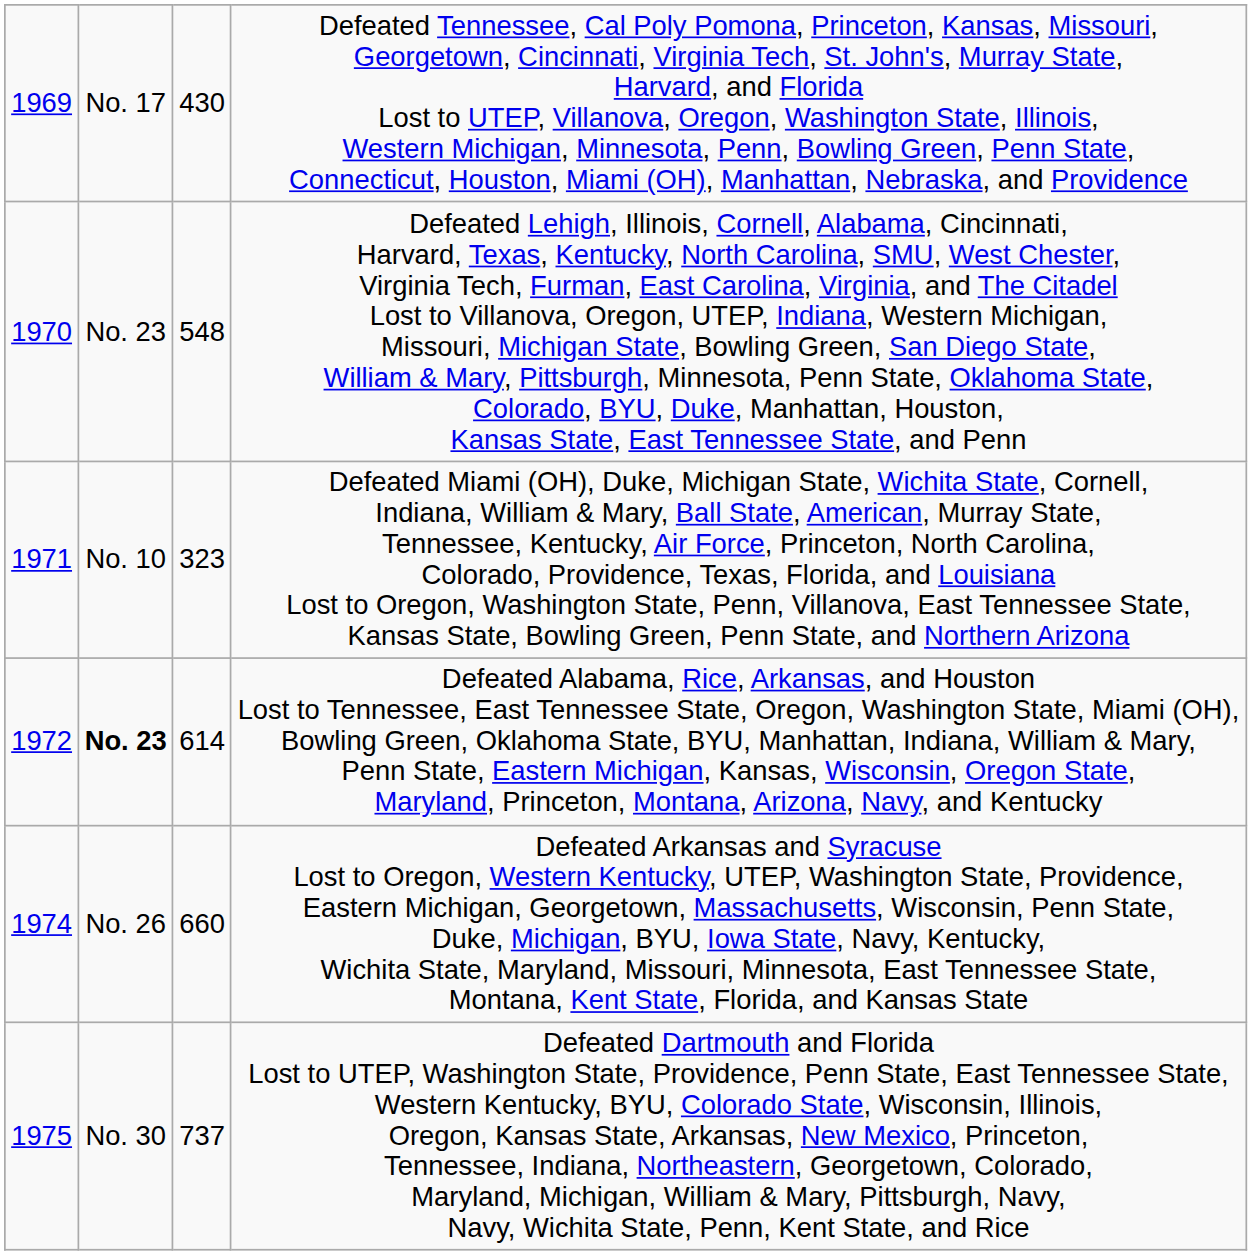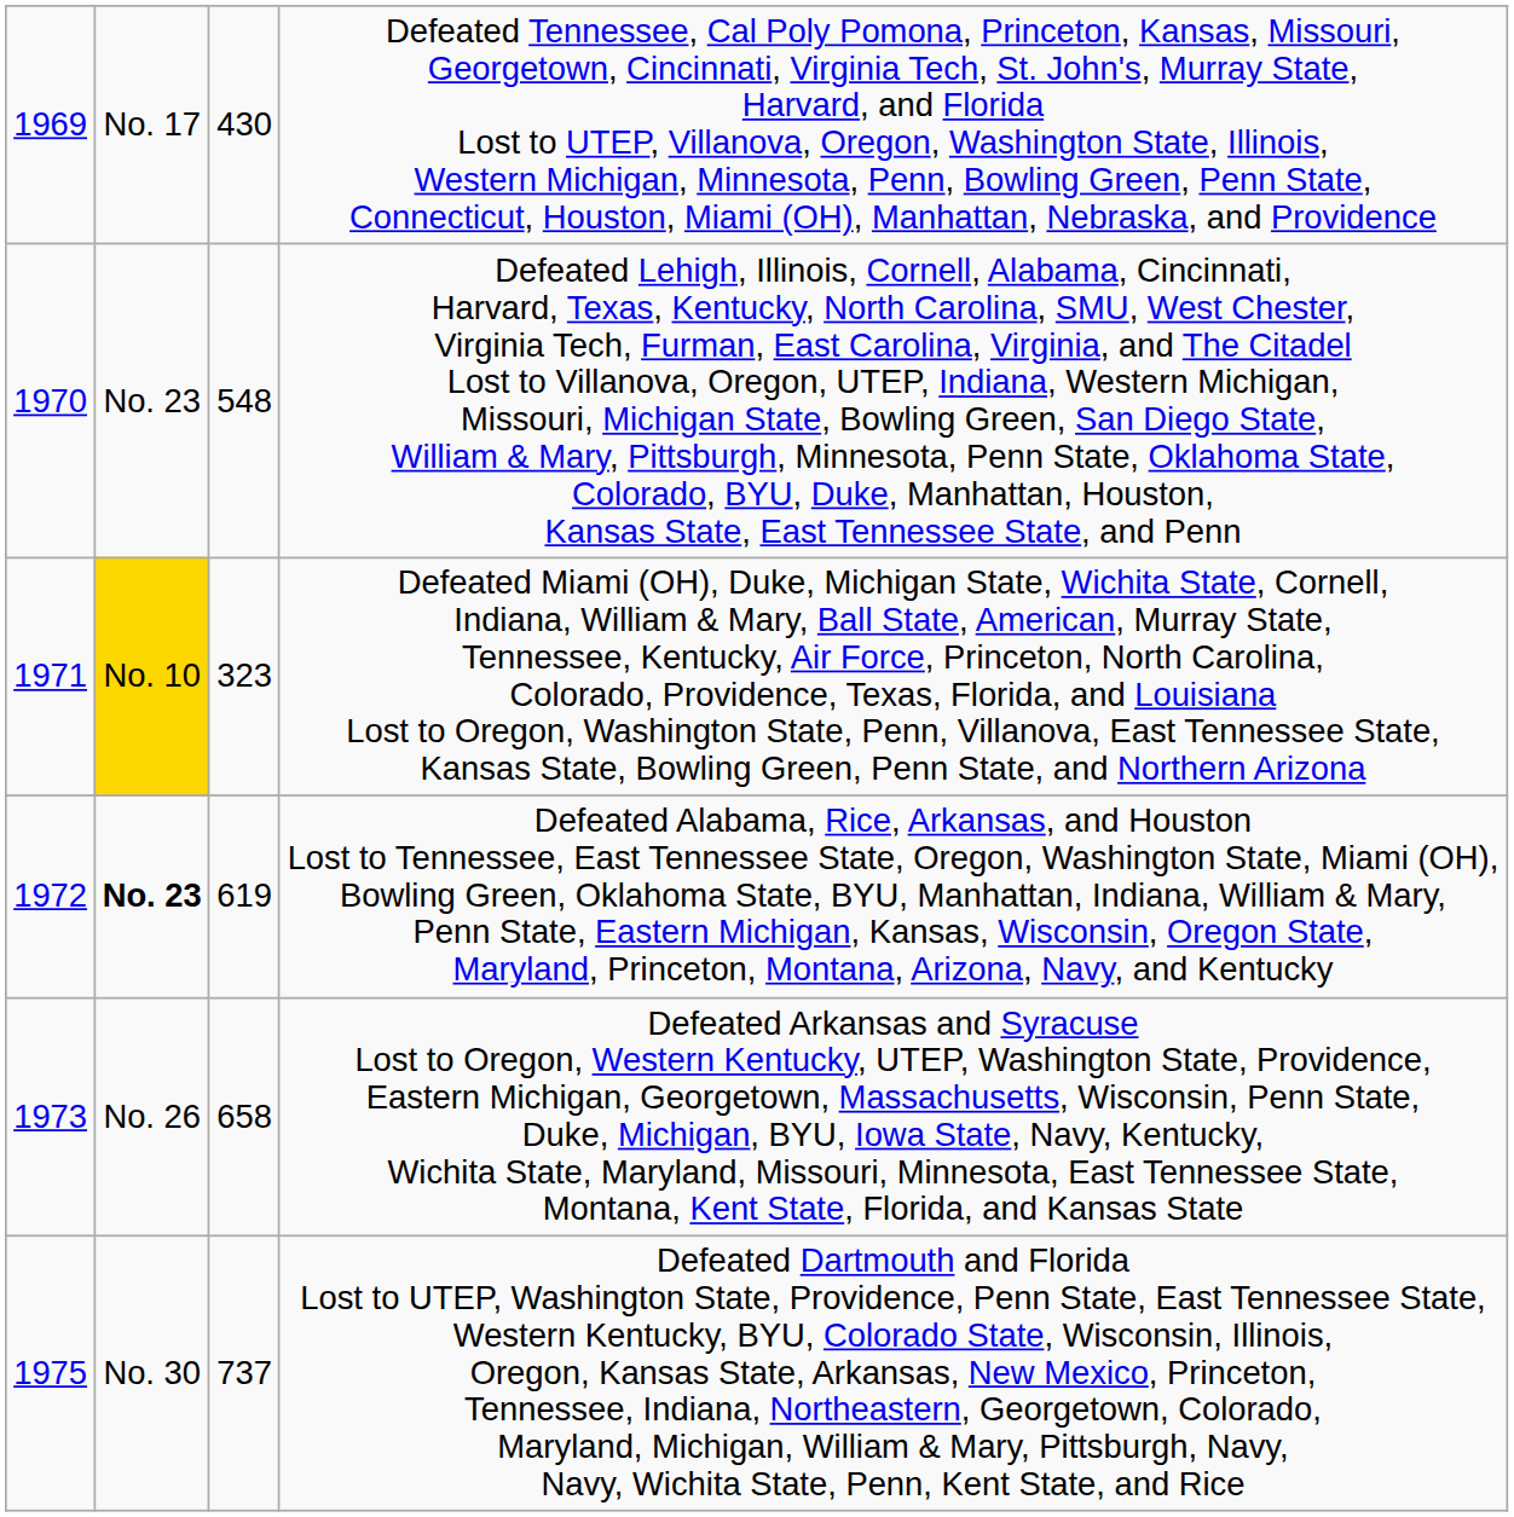 <table class="wikitable">
 <tr align="center">
 <td><a href='#'>1969</a></td>
 <td>No. 17</td>
 <td>430</td>
 <td>Defeated <a href='#'>Tennessee</a>, <a href='#'>Cal Poly Pomona</a>, <a href='#'>Princeton</a>, <a href='#'>Kansas</a>, <a href='#'>Missouri</a>,<br> <a href='#'>Georgetown</a>, <a href='#'>Cincinnati</a>, <a href='#'>Virginia Tech</a>, <a href='#'>St. John's</a>, <a href='#'>Murray State</a>,<br> <a href='#'>Harvard</a>, and <a href='#'>Florida</a><br>Lost to <a href='#'>UTEP</a>, <a href='#'>Villanova</a>, <a href='#'>Oregon</a>, <a href='#'>Washington State</a>, <a href='#'>Illinois</a>,<br> <a href='#'>Western Michigan</a>, <a href='#'>Minnesota</a>, <a href='#'>Penn</a>, <a href='#'>Bowling Green</a>, <a href='#'>Penn State</a>,<br> <a href='#'>Connecticut</a>, <a href='#'>Houston</a>, <a href='#'>Miami (OH)</a>, <a href='#'>Manhattan</a>, <a href='#'>Nebraska</a>, and <a href='#'>Providence</a></td>
 </tr>
 <tr align="center">
 <td><a href='#'>1970</a></td>
 <td>No. 23</td>
 <td>548</td>
 <td>Defeated <a href='#'>Lehigh</a>, Illinois, <a href='#'>Cornell</a>, <a href='#'>Alabama</a>, Cincinnati,<br> Harvard, <a href='#'>Texas</a>, <a href='#'>Kentucky</a>, <a href='#'>North Carolina</a>, <a href='#'>SMU</a>, <a href='#'>West Chester</a>,<br> Virginia Tech, <a href='#'>Furman</a>, <a href='#'>East Carolina</a>, <a href='#'>Virginia</a>, and <a href='#'>The Citadel</a><br>Lost to Villanova, Oregon, UTEP, <a href='#'>Indiana</a>, Western Michigan,<br> Missouri, <a href='#'>Michigan State</a>, Bowling Green, <a href='#'>San Diego State</a>,<br> <a href='#'>William & Mary</a>, <a href='#'>Pittsburgh</a>, Minnesota, Penn State, <a href='#'>Oklahoma State</a>,<br> <a href='#'>Colorado</a>, <a href='#'>BYU</a>, <a href='#'>Duke</a>, Manhattan, Houston,<br> <a href='#'>Kansas State</a>, <a href='#'>East Tennessee State</a>, and Penn</td>
 </tr>
 <tr align="center">
 <td><a href='#'>1971</a></td>
-<td>No. 10</td>
+<td style="background: gold;">No. 10</td>
 <td>323</td>
 <td>Defeated Miami (OH), Duke, Michigan State, <a href='#'>Wichita State</a>, Cornell,<br> Indiana, William & Mary, <a href='#'>Ball State</a>, <a href='#'>American</a>, Murray State,<br> Tennessee, Kentucky, <a href='#'>Air Force</a>, Princeton, North Carolina,<br> Colorado, Providence, Texas, Florida, and <a href='#'>Louisiana</a><br>Lost to Oregon, Washington State, Penn, Villanova, East Tennessee State,<br> Kansas State, Bowling Green, Penn State, and <a href='#'>Northern Arizona</a></td>
 </tr>
 <tr align="center">
 <td><a href='#'>1972</a></td>
 <td><strong>No. 23</strong></td>
-<td>614</td>
+<td>619</td>
 <td>Defeated Alabama, <a href='#'>Rice</a>, <a href='#'>Arkansas</a>, and Houston<br>Lost to Tennessee, East Tennessee State, Oregon, Washington State, Miami (OH),<br> Bowling Green, Oklahoma State, BYU, Manhattan, Indiana, William & Mary,<br> Penn State, <a href='#'>Eastern Michigan</a>, Kansas, <a href='#'>Wisconsin</a>, <a href='#'>Oregon State</a>,<br> <a href='#'>Maryland</a>, Princeton, <a href='#'>Montana</a>, <a href='#'>Arizona</a>, <a href='#'>Navy</a>, and Kentucky</td>
 </tr>
 <tr align="center">
-<td><a href='#'>1974</a></td>
+<td><a href='#'>1973</a></td>
 <td>No. 26</td>
-<td>660</td>
+<td>658</td>
 <td>Defeated Arkansas and <a href='#'>Syracuse</a><br>Lost to Oregon, <a href='#'>Western Kentucky</a>, UTEP, Washington State, Providence,<br> Eastern Michigan, Georgetown, <a href='#'>Massachusetts</a>, Wisconsin, Penn State,<br> Duke, <a href='#'>Michigan</a>, BYU, <a href='#'>Iowa State</a>, Navy, Kentucky,<br> Wichita State, Maryland, Missouri, Minnesota, East Tennessee State,<br> Montana, <a href='#'>Kent State</a>, Florida, and Kansas State</td>
 </tr>
 <tr align="center">
 <td><a href='#'>1975</a></td>
 <td>No. 30</td>
 <td>737</td>
 <td>Defeated <a href='#'>Dartmouth</a> and Florida<br>Lost to UTEP, Washington State, Providence, Penn State, East Tennessee State,<br> Western Kentucky, BYU, <a href='#'>Colorado State</a>, Wisconsin, Illinois,<br> Oregon, Kansas State, Arkansas, <a href='#'>New Mexico</a>, Princeton,<br> Tennessee, Indiana, <a href='#'>Northeastern</a>, Georgetown, Colorado,<br> Maryland, Michigan, William & Mary, Pittsburgh, Navy,<br> Navy, Wichita State, Penn, Kent State, and Rice</td>
 </tr>
 </table>
